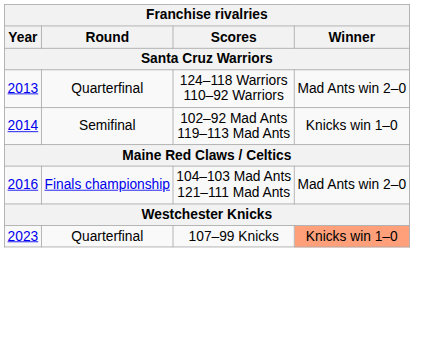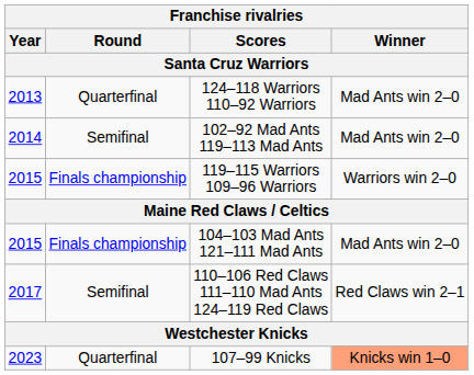 <table class="wikitable sortable" style="text-align:center">
 <tr>
 <th colspan="4">Franchise rivalries</th>
 </tr>
 <tr>
 <th>Year</th>
 <th>Round</th>
 <th>Scores</th>
 <th>Winner</th>
 </tr>
 <tr>
 <th colspan="4"><strong>Santa Cruz Warriors</strong></th>
 </tr>
 <tr>
 <td><a href='#'>2013</a></td>
 <td>Quarterfinal</td>
 <td>124–118 Warriors<br>110–92 Warriors</td>
 <td>Mad Ants win 2–0</td>
 </tr>
 <tr>
 <td><a href='#'>2014</a></td>
 <td>Semifinal</td>
 <td>102–92 Mad Ants<br>119–113 Mad Ants</td>
-<td>Knicks win 1–0</td>
+<td>Mad Ants win 2–0</td>
+</tr>
+<tr>
+<td><a href='#'>2015</a></td>
+<td><a href='#'>Finals championship</a></td>
+<td>119–115 Warriors<br>109–96 Warriors</td>
+<td>Warriors win 2–0</td>
 </tr>
 <tr>
 <th colspan="4">Maine Red Claws / Celtics</th>
 </tr>
 <tr>
-<td><a href='#'>2016</a></td>
+<td><a href='#'>2015</a></td>
 <td><a href='#'>Finals championship</a></td>
 <td>104–103 Mad Ants<br>121–111 Mad Ants</td>
 <td>Mad Ants win 2–0</td>
+</tr>
+<tr>
+<td><a href='#'>2017</a></td>
+<td>Semifinal</td>
+<td>110–106 Red Claws<br>111–110 Mad Ants<br>124–119 Red Claws</td>
+<td>Red Claws win 2–1</td>
 </tr>
 <tr>
 <th colspan="4">Westchester Knicks</th>
 </tr>
 <tr>
 <td><a href='#'>2023</a></td>
 <td>Quarterfinal</td>
 <td>107–99 Knicks</td>
 <td style="background: lightsalmon;">Knicks win 1–0</td>
 </tr>
 </table>
